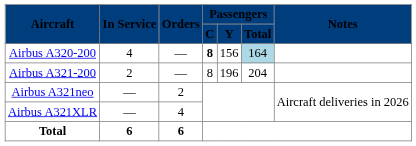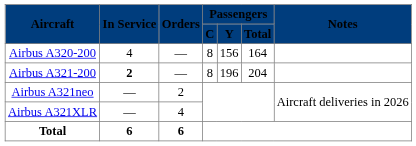 <table class="toccolours" border="1" cellpadding="3" style="border-collapse:collapse;text-align:center;margin:1em auto;">
 <tr bgcolor=#003d7d>
 <th rowspan="2"><span>Aircraft</span></th>
 <th rowspan="2"><span>In Service</span></th>
 <th rowspan="2"><span>Orders</span></th>
 <th colspan="3"><span>Passengers</span></th>
 <th rowspan="2"><span>Notes</span></th>
 </tr>
 <tr bgcolor=#003d7d style=color: white;>
 <th><abbr><span>C</span></abbr></th>
 <th><abbr><span>Y</span></abbr></th>
 <th><span>Total</span></th>
 </tr>
 <tr>
 <td><a href='#'>Airbus A320-200</a></td>
 <td>4</td>
 <td>—</td>
-<td><strong>8</strong></td>
+<td>8</td>
 <td>156</td>
-<td style="background: lightblue;">164</td>
+<td>164</td>
 <td></td>
 </tr>
 <tr>
 <td><a href='#'>Airbus A321-200</a></td>
-<td>2</td>
+<td><strong>2</strong></td>
 <td>—</td>
 <td>8</td>
 <td>196</td>
 <td>204</td>
 <td></td>
 </tr>
 <tr>
 <td><a href='#'>Airbus A321neo</a></td>
 <td>—</td>
 <td>2</td>
 <td colspan="3" rowspan="2" class="unsortable"></td>
 <td rowspan="2">Aircraft deliveries in 2026</td>
 </tr>
 <tr>
 <td><a href='#'>Airbus A321XLR</a></td>
 <td>—</td>
 <td>4</td>
 </tr>
 <tr>
 <th>Total</th>
 <th>6</th>
 <th>6</th>
 <th colspan="4"></th>
 </tr>
 </table>
